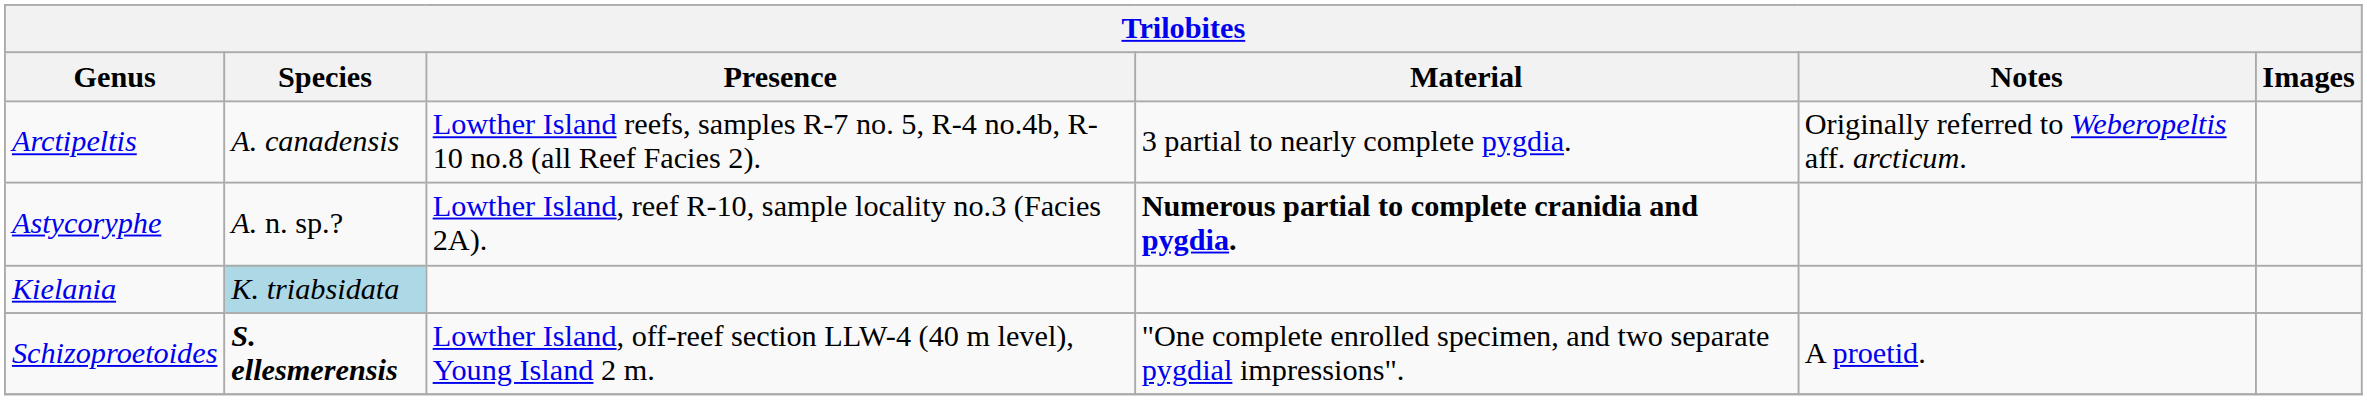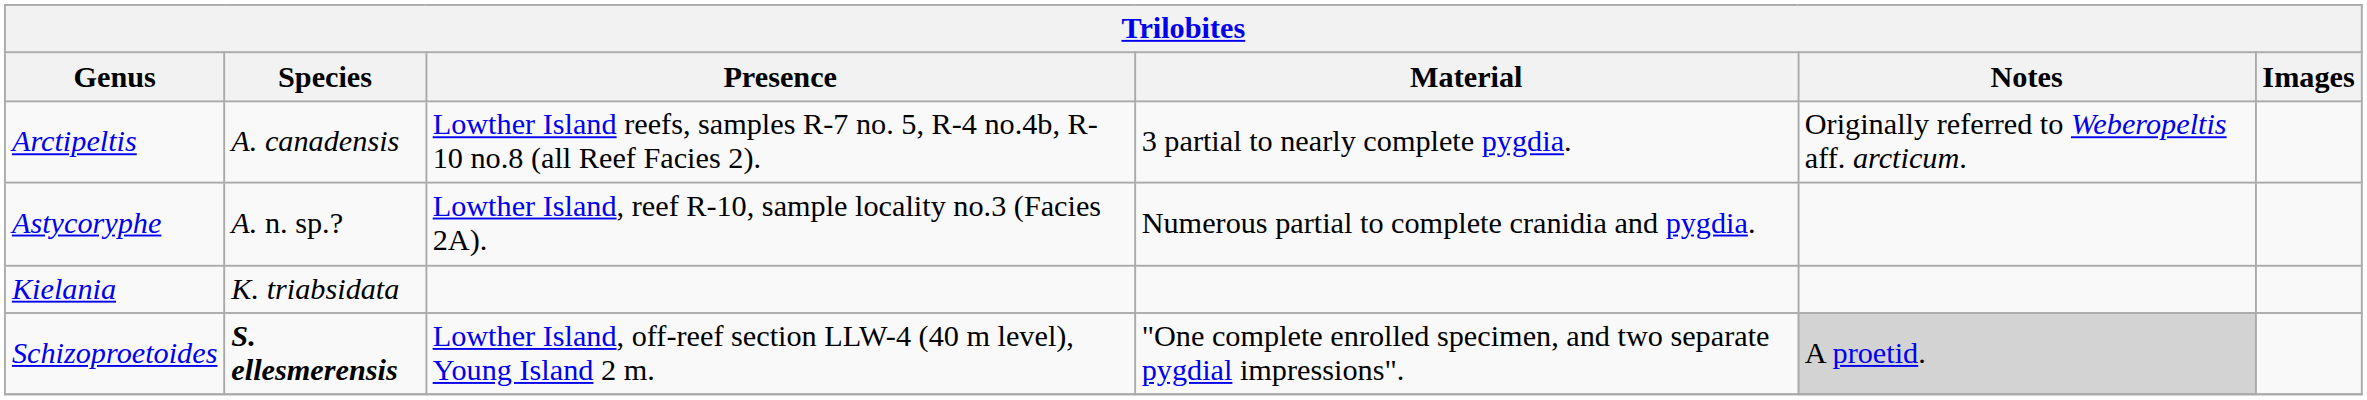 <table class="wikitable" align="center">
 <tr>
 <th colspan="6" align="center"><strong><a href='#'>Trilobites</a></strong></th>
 </tr>
 <tr>
 <th>Genus</th>
 <th>Species</th>
 <th>Presence</th>
 <th><strong>Material</strong></th>
 <th>Notes</th>
 <th>Images</th>
 </tr>
 <tr>
 <td><em><a href='#'>Arctipeltis</a></em></td>
 <td><em>A. canadensis</em></td>
 <td><a href='#'>Lowther Island</a> reefs, samples R-7 no. 5, R-4 no.4b, R-10 no.8 (all Reef Facies 2).</td>
 <td>3 partial to nearly complete <a href='#'>pygdia</a>.</td>
 <td>Originally referred to <em><a href='#'>Weberopeltis</a></em> aff. <em>arcticum</em>.</td>
 <td></td>
 </tr>
 <tr>
 <td><em><a href='#'>Astycoryphe</a></em></td>
 <td><em>A.</em> n. sp.?</td>
 <td><a href='#'>Lowther Island</a>, reef R-10, sample locality no.3 (Facies 2A).</td>
-<td><strong>Numerous partial to complete cranidia and <a href='#'>pygdia</a>.</strong></td>
+<td>Numerous partial to complete cranidia and <a href='#'>pygdia</a>.</td>
 <td></td>
 <td></td>
 </tr>
 <tr>
 <td><em><a href='#'>Kielania</a></em></td>
-<td style="background: lightblue;"><em>K. triabsidata</em></td>
+<td><em>K. triabsidata</em></td>
 <td></td>
 <td></td>
 <td></td>
 <td></td>
 </tr>
 <tr>
 <td><em><a href='#'>Schizoproetoides</a></em></td>
 <td><strong><em>S. ellesmerensis</em></strong></td>
 <td><a href='#'>Lowther Island</a>, off-reef section LLW-4 (40 m level), <a href='#'>Young Island</a> 2 m.</td>
 <td>"One complete enrolled specimen, and two separate <a href='#'>pygdial</a> impressions".</td>
-<td>A <a href='#'>proetid</a>.</td>
+<td style="background: lightgrey;">A <a href='#'>proetid</a>.</td>
 <td></td>
 </tr>
 <tr>
 </tr>
 </table>
